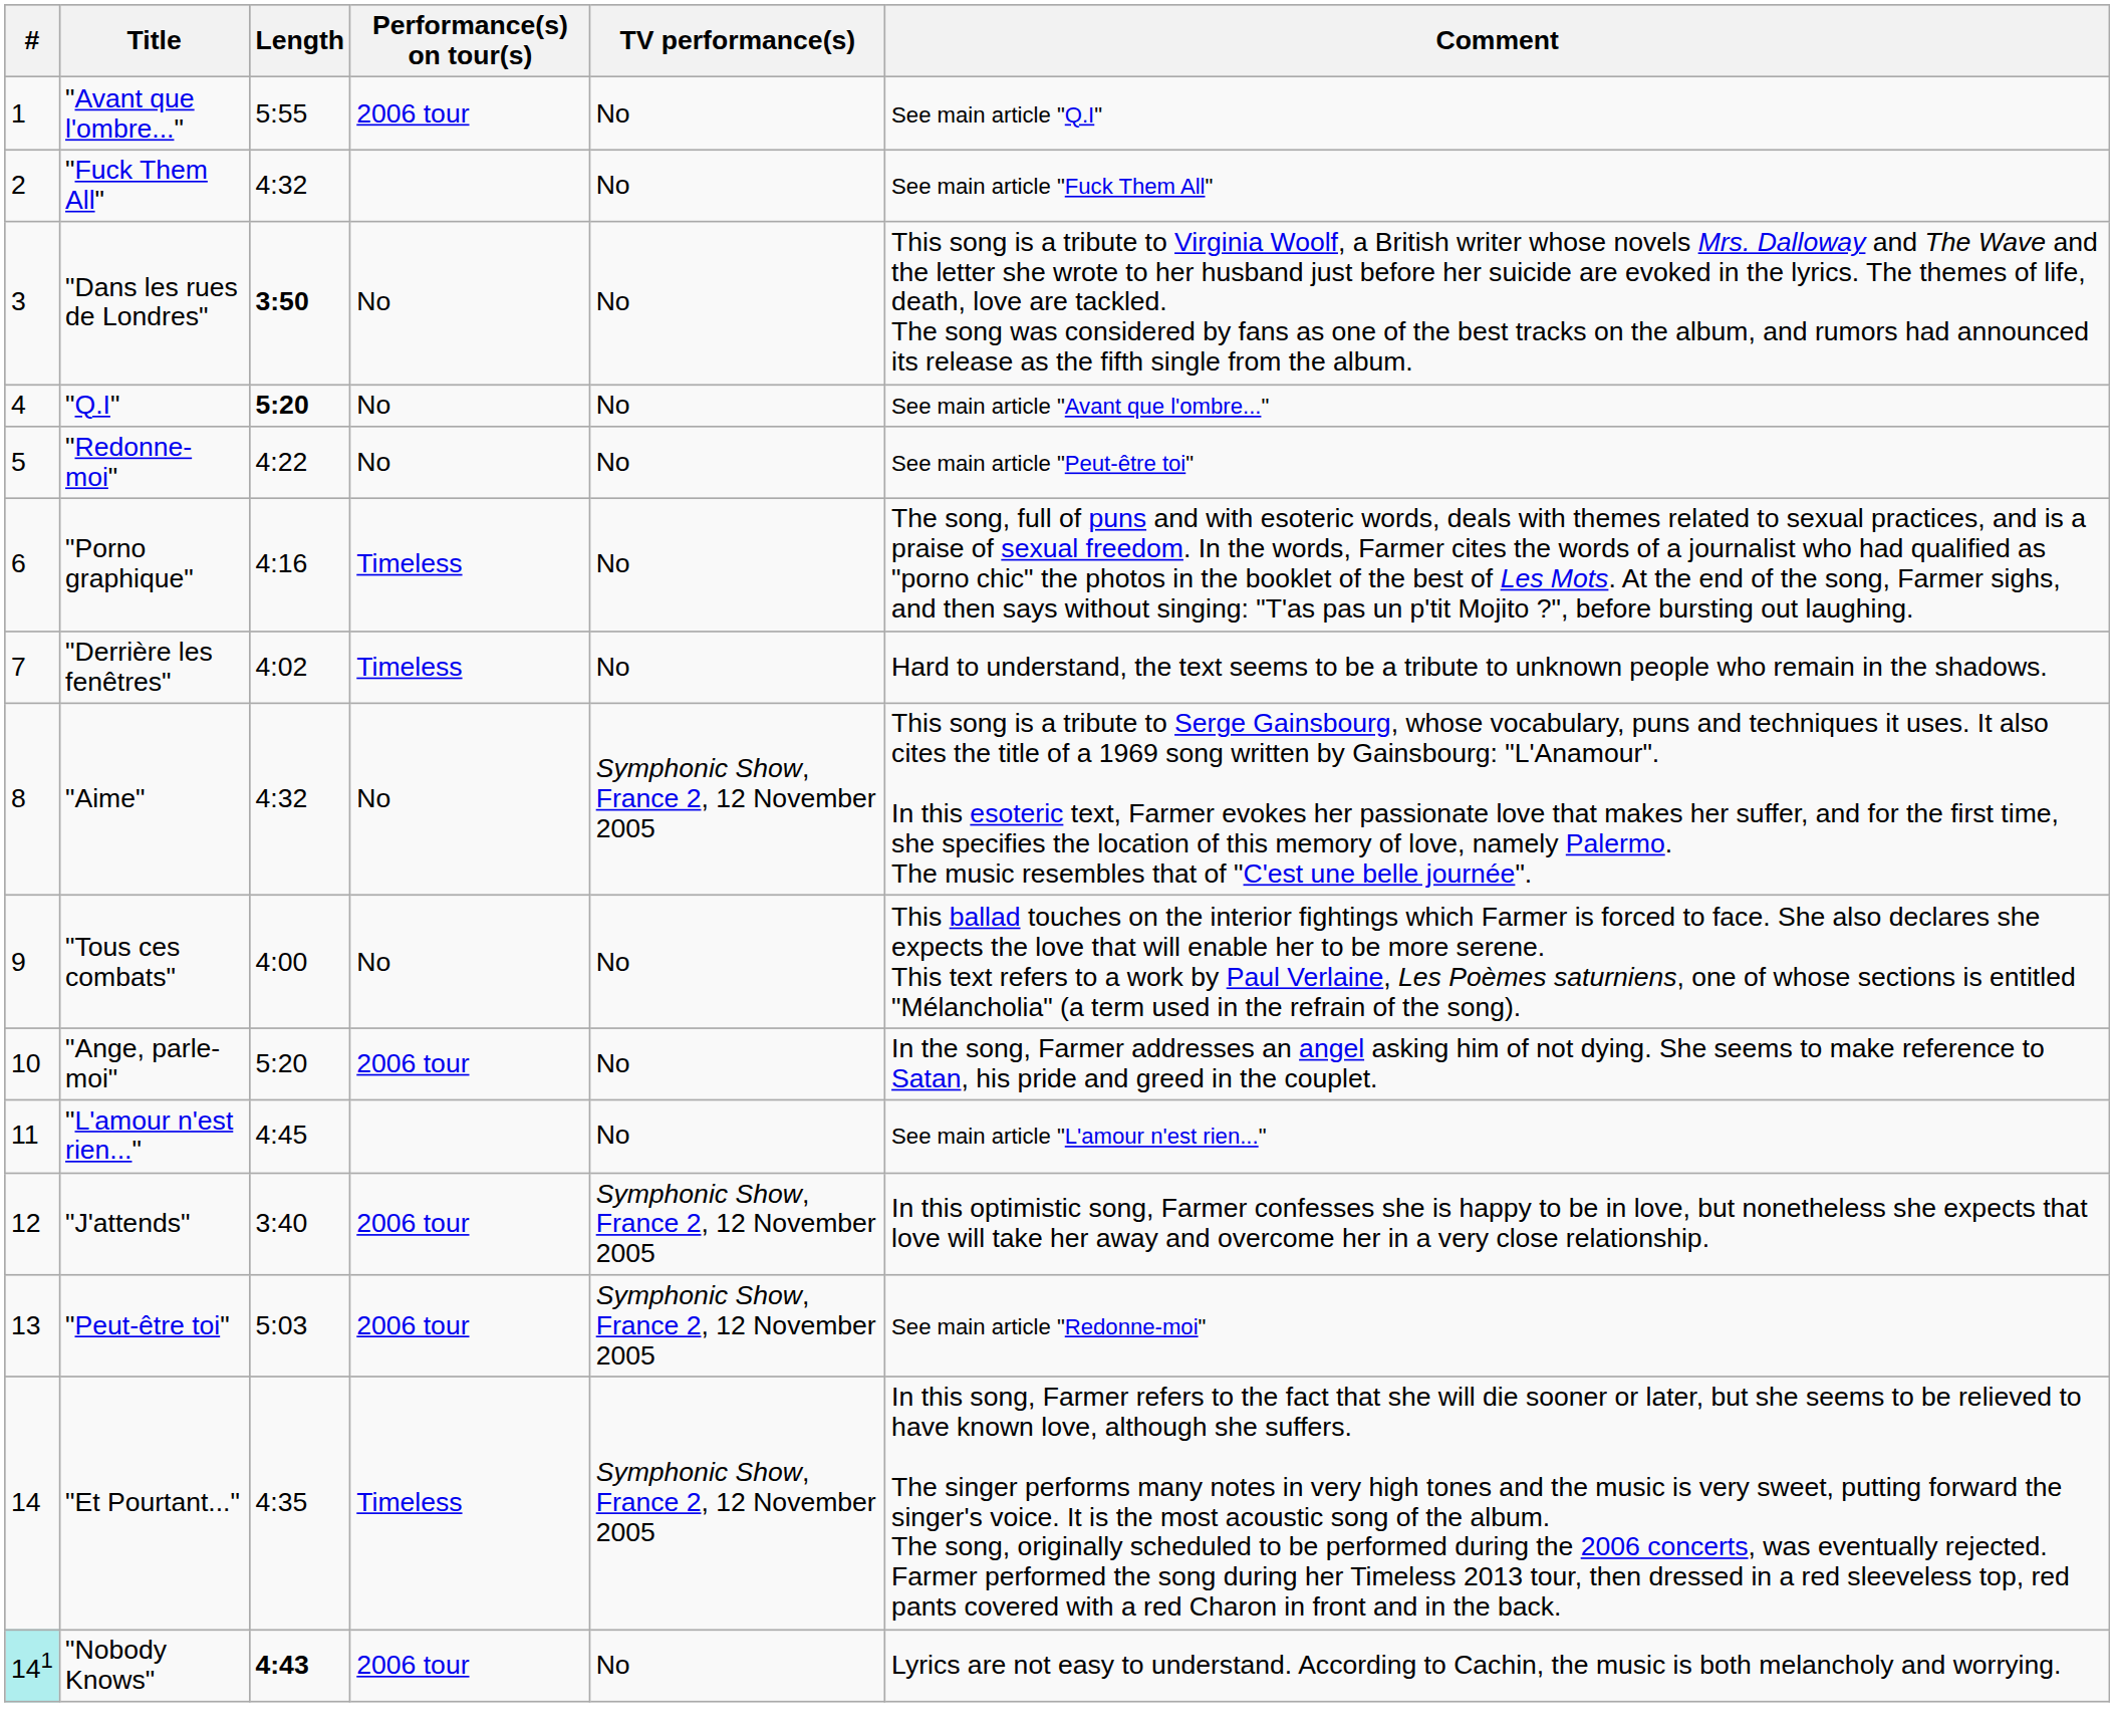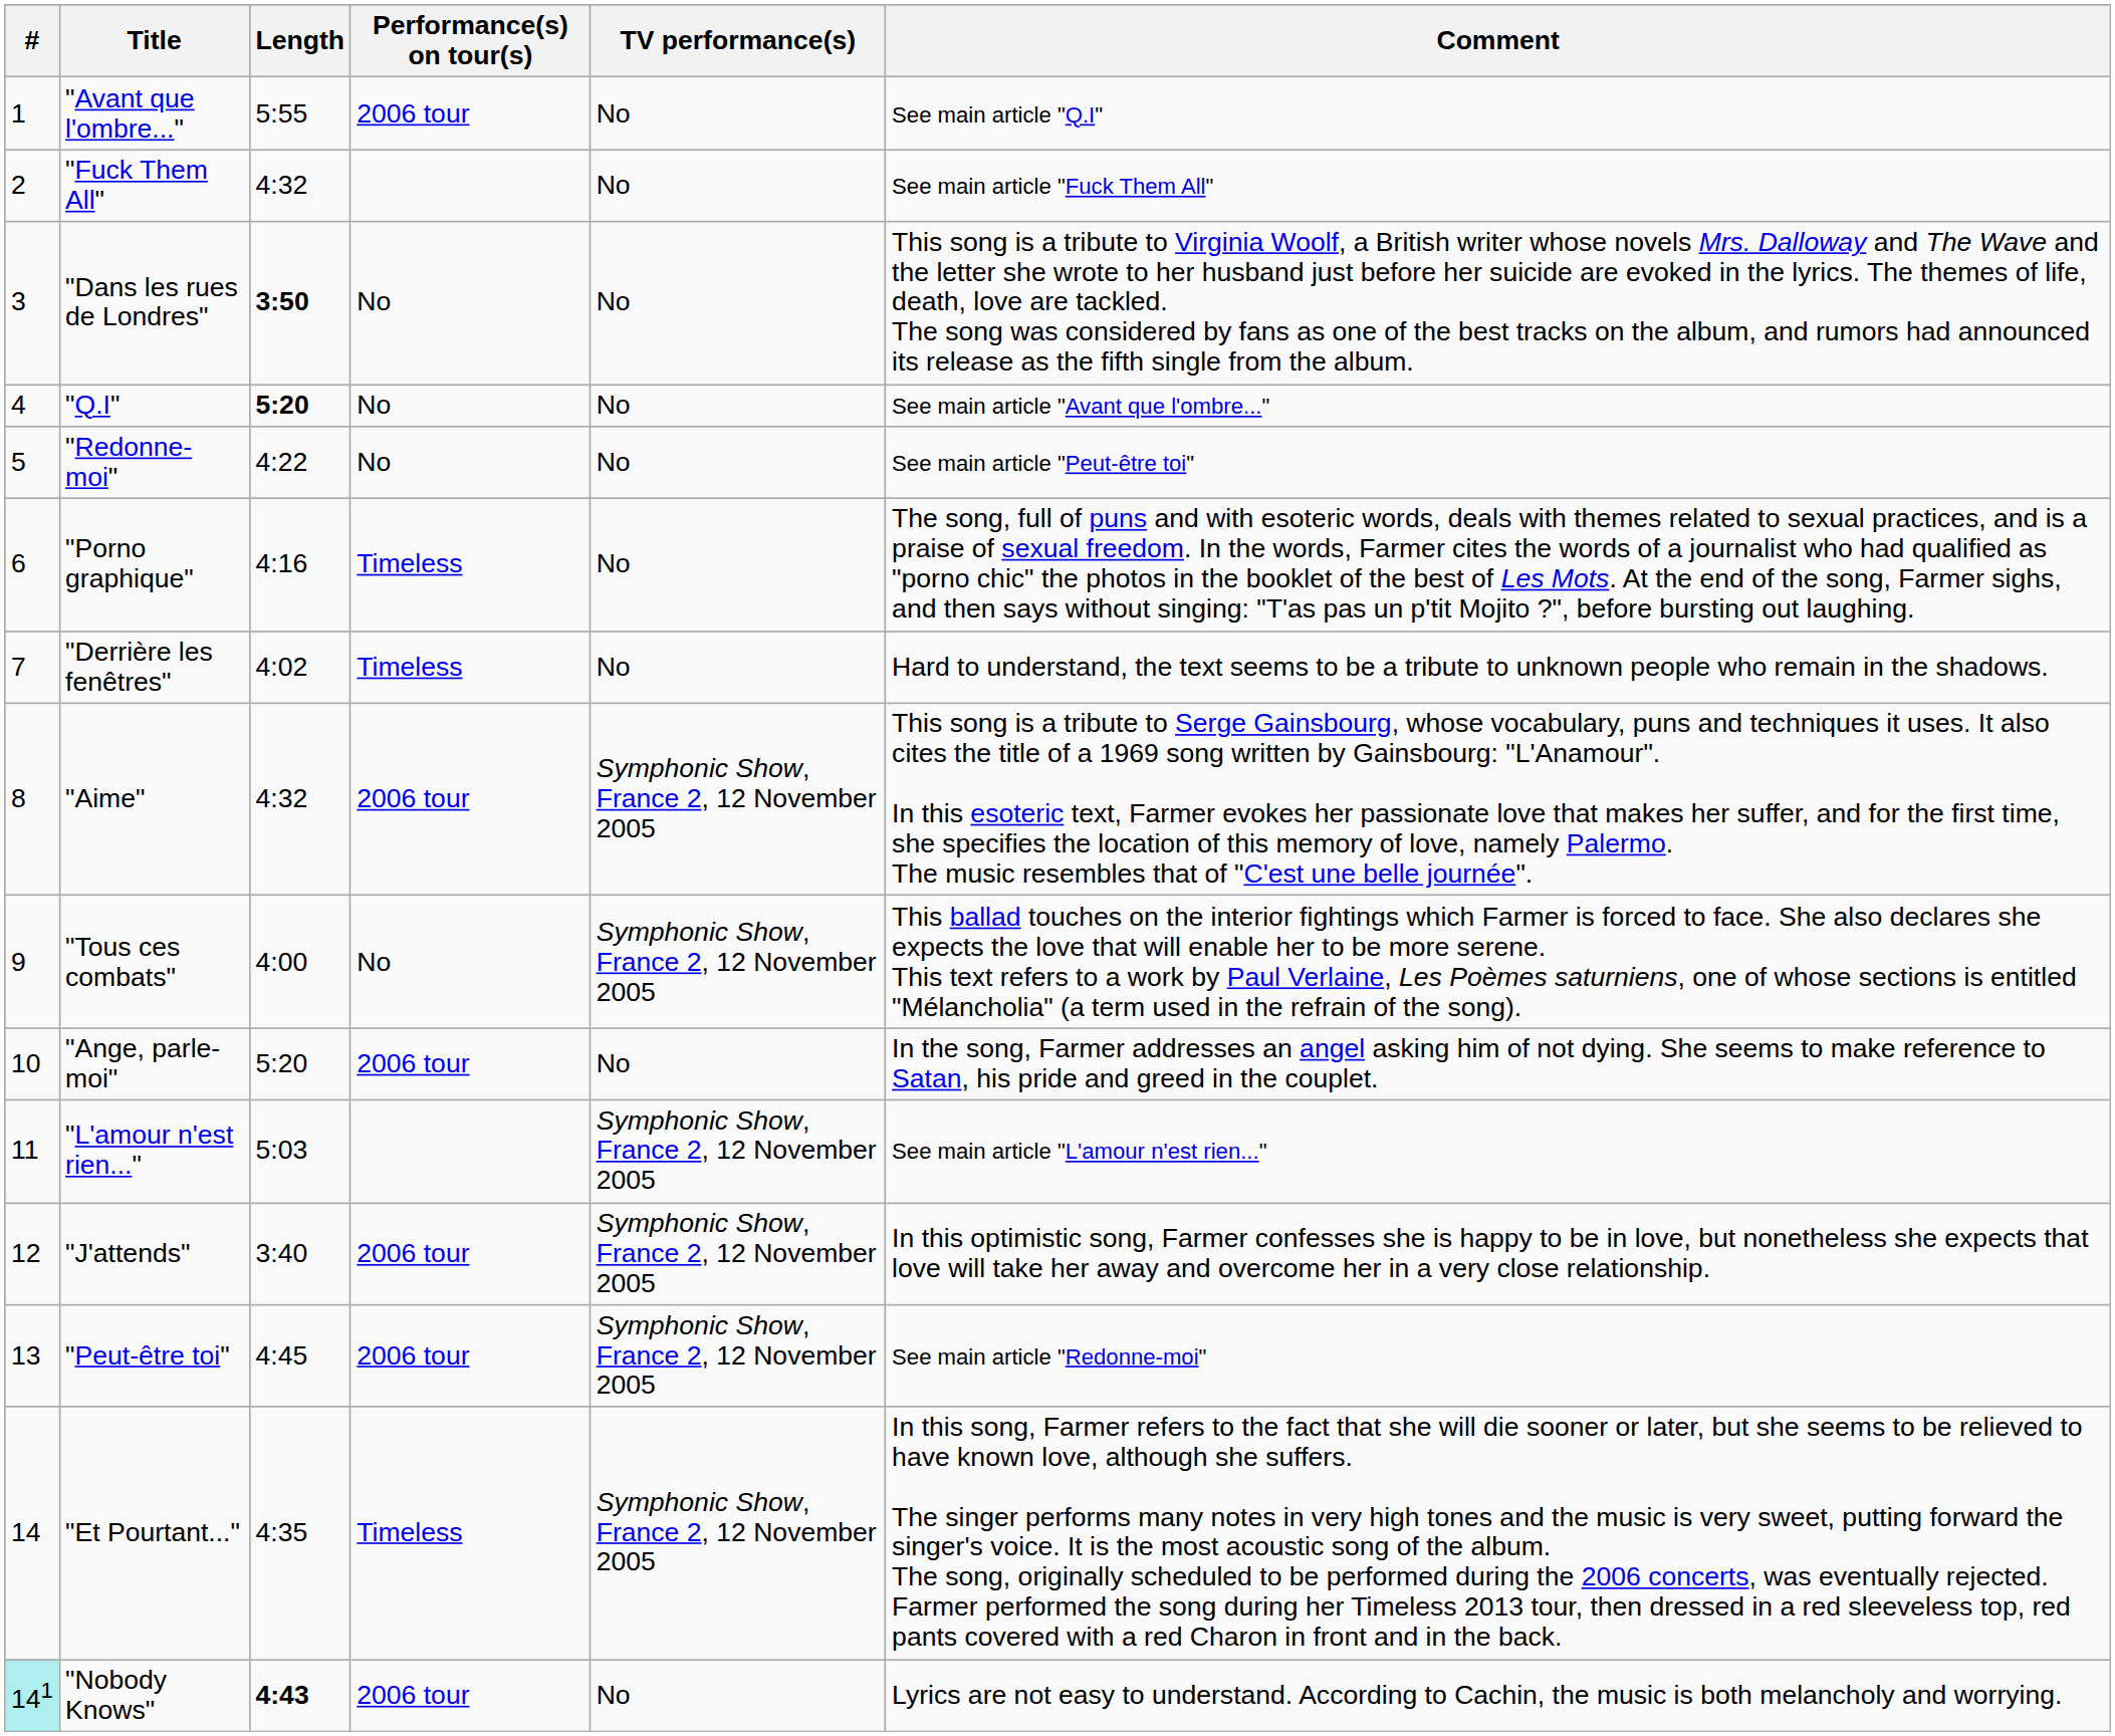 <table class="wikitable" style="width:100%;">
 <tr>
 <th>#</th>
 <th>Title</th>
 <th>Length</th>
 <th>Performance(s) on tour(s)</th>
 <th>TV performance(s)</th>
 <th>Comment</th>
 </tr>
 <tr>
 <td>1</td>
 <td>"<a href='#'>Avant que l'ombre...</a>"</td>
 <td>5:55</td>
 <td><a href='#'>2006 tour</a></td>
 <td>No</td>
 <td><small>See main article "<a href='#'>Q.I</a>"</small></td>
 </tr>
 <tr>
 <td>2</td>
 <td>"<a href='#'>Fuck Them All</a>"</td>
 <td>4:32</td>
 <td></td>
 <td>No</td>
 <td><small>See main article "<a href='#'>Fuck Them All</a>"</small></td>
 </tr>
 <tr>
 <td>3</td>
 <td>"Dans les rues de Londres"</td>
 <td><strong>3:50</strong></td>
 <td>No</td>
 <td>No</td>
 <td>This song is a tribute to <a href='#'>Virginia Woolf</a>, a British writer whose novels <em><a href='#'>Mrs. Dalloway</a></em> and <em>The Wave</em> and the letter she wrote to her husband just before her suicide are evoked in the lyrics. The themes of life, death, love are tackled.<br>The song was considered by fans as one of the best tracks on the album, and rumors had announced its release as the fifth single from the album.</td>
 </tr>
 <tr>
 <td>4</td>
 <td>"<a href='#'>Q.I</a>"</td>
 <td><strong>5:20</strong></td>
 <td>No</td>
 <td>No</td>
 <td><small>See main article "<a href='#'>Avant que l'ombre...</a>"</small></td>
 </tr>
 <tr>
 <td>5</td>
 <td>"<a href='#'>Redonne-moi</a>"</td>
 <td>4:22</td>
 <td>No</td>
 <td>No</td>
 <td><small>See main article "<a href='#'>Peut-être toi</a>"</small></td>
 </tr>
 <tr>
 <td>6</td>
 <td>"Porno graphique"</td>
 <td>4:16</td>
 <td><a href='#'>Timeless</a></td>
 <td>No</td>
 <td>The song, full of <a href='#'>puns</a> and with esoteric words, deals with themes related to sexual practices, and is a praise of <a href='#'>sexual freedom</a>. In the words, Farmer cites the words of a journalist who had qualified as "porno chic" the photos in the booklet of the best of <em><a href='#'>Les Mots</a></em>. At the end of the song, Farmer sighs, and then says without singing: "T'as pas un p'tit Mojito ?", before bursting out laughing.</td>
 </tr>
 <tr>
 <td>7</td>
 <td>"Derrière les fenêtres"</td>
 <td>4:02</td>
 <td><a href='#'>Timeless</a></td>
 <td>No</td>
 <td>Hard to understand, the text seems to be a tribute to unknown people who remain in the shadows.</td>
 </tr>
 <tr>
 <td>8</td>
 <td>"Aime"</td>
 <td>4:32</td>
-<td>No</td>
+<td><a href='#'>2006 tour</a></td>
 <td><em>Symphonic Show</em>, <a href='#'>France 2</a>, 12 November 2005</td>
 <td>This song is a tribute to <a href='#'>Serge Gainsbourg</a>, whose vocabulary, puns and techniques it uses. It also cites the title of a 1969 song written by Gainsbourg: "L'Anamour".<br><br>In this <a href='#'>esoteric</a> text, Farmer evokes her passionate love that makes her suffer, and for the first time, she specifies the location of this memory of love, namely <a href='#'>Palermo</a>.<br> The music resembles that of "<a href='#'>C'est une belle journée</a>".</td>
 </tr>
 <tr>
 <td>9</td>
 <td>"Tous ces combats"</td>
 <td>4:00</td>
 <td>No</td>
-<td>No</td>
+<td><em>Symphonic Show</em>, <a href='#'>France 2</a>, 12 November 2005</td>
 <td>This <a href='#'>ballad</a> touches on the interior fightings which Farmer is forced to face. She also declares she expects the love that will enable her to be more serene.<br>This text refers to a work by <a href='#'>Paul Verlaine</a>, <em>Les Poèmes saturniens</em>, one of whose sections is entitled "Mélancholia" (a term used in the refrain of the song).</td>
 </tr>
 <tr>
 <td>10</td>
 <td>"Ange, parle-moi"</td>
 <td>5:20</td>
 <td><a href='#'>2006 tour</a></td>
 <td>No</td>
 <td>In the song, Farmer addresses an <a href='#'>angel</a> asking him of not dying. She seems to make reference to <a href='#'>Satan</a>, his pride and greed in the couplet.</td>
 </tr>
 <tr>
 <td>11</td>
 <td>"<a href='#'>L'amour n'est rien...</a>"</td>
-<td>4:45</td>
+<td>5:03</td>
 <td></td>
-<td>No</td>
+<td><em>Symphonic Show</em>, <a href='#'>France 2</a>, 12 November 2005</td>
 <td><small>See main article "<a href='#'>L'amour n'est rien...</a>"</small></td>
 </tr>
 <tr>
 <td>12</td>
 <td>"J'attends"</td>
 <td>3:40</td>
 <td><a href='#'>2006 tour</a></td>
 <td><em>Symphonic Show</em>, <a href='#'>France 2</a>, 12 November 2005</td>
 <td>In this optimistic song, Farmer confesses she is happy to be in love, but nonetheless she expects that love will take her away and overcome her in a very close relationship.</td>
 </tr>
 <tr>
 <td>13</td>
 <td>"<a href='#'>Peut-être toi</a>"</td>
-<td>5:03</td>
+<td>4:45</td>
 <td><a href='#'>2006 tour</a></td>
 <td><em>Symphonic Show</em>, <a href='#'>France 2</a>, 12 November 2005</td>
 <td><small>See main article "<a href='#'>Redonne-moi</a>"</small></td>
 </tr>
 <tr>
 <td>14</td>
 <td>"Et Pourtant..."</td>
 <td>4:35</td>
 <td><a href='#'>Timeless</a></td>
 <td><em>Symphonic Show</em>, <a href='#'>France 2</a>, 12 November 2005</td>
 <td>In this song, Farmer refers to the fact that she will die sooner or later, but she seems to be relieved to have known love, although she suffers.<br><br>The singer performs many notes in very high tones and the music is very sweet, putting forward the singer's voice. It is the most acoustic song of the album.<br> The song, originally scheduled to be performed during the <a href='#'>2006 concerts</a>, was eventually rejected. Farmer performed the song during her Timeless 2013 tour, then dressed in a red sleeveless top, red pants covered with a red Charon in front and in the back.</td>
 </tr>
 <tr>
 <td style="background: paleturquoise;">14<sup>1</sup></td>
 <td>"Nobody Knows"</td>
 <td><strong>4:43</strong></td>
 <td><a href='#'>2006 tour</a></td>
 <td>No</td>
 <td>Lyrics are not easy to understand. According to Cachin, the music is both melancholy and worrying.</td>
 </tr>
 </table>
